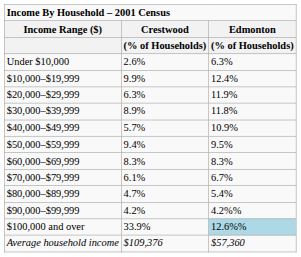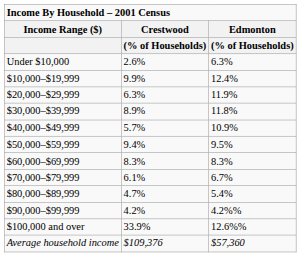 <table class="wikitable">
 <tr>
 <td colspan="3"><strong>Income By Household – 2001 Census</strong></td>
 </tr>
 <tr>
 <th>Income Range ($)</th>
 <th>Crestwood</th>
 <th>Edmonton</th>
 </tr>
 <tr>
 <th></th>
 <th>(% of Households)</th>
 <th>(% of Households)</th>
 </tr>
 <tr>
 <td>Under $10,000</td>
 <td>2.6%</td>
 <td>6.3%</td>
 </tr>
 <tr>
 <td>$10,000–$19,999</td>
 <td>9.9%</td>
 <td>12.4%</td>
 </tr>
 <tr>
 <td>$20,000–$29,999</td>
 <td>6.3%</td>
 <td>11.9%</td>
 </tr>
 <tr>
 <td>$30,000–$39,999</td>
 <td>8.9%</td>
 <td>11.8%</td>
 </tr>
 <tr>
 <td>$40,000–$49,999</td>
 <td>5.7%</td>
 <td>10.9%</td>
 </tr>
 <tr>
 <td>$50,000–$59,999</td>
 <td>9.4%</td>
 <td>9.5%</td>
 </tr>
 <tr>
 <td>$60,000–$69,999</td>
 <td>8.3%</td>
 <td>8.3%</td>
 </tr>
 <tr>
 <td>$70,000–$79,999</td>
 <td>6.1%</td>
 <td>6.7%</td>
 </tr>
 <tr>
 <td>$80,000–$89,999</td>
 <td>4.7%</td>
 <td>5.4%</td>
 </tr>
 <tr>
 <td>$90,000–$99,999</td>
 <td>4.2%</td>
 <td>4.2%%</td>
 </tr>
 <tr>
 <td>$100,000 and over</td>
 <td>33.9%</td>
-<td style="background: lightblue;">12.6%%</td>
+<td>12.6%%</td>
 </tr>
 <tr>
 <td><em>Average household income</em></td>
 <td><em>$109,376</em></td>
 <td><em>$57,360</em></td>
 </tr>
 </table>
